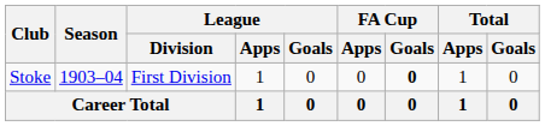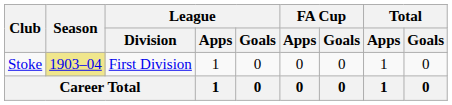 <table class="wikitable" style="text-align: center;">
 <tr>
 <th rowspan="2">Club</th>
 <th rowspan="2">Season</th>
 <th colspan="3">League</th>
 <th colspan="2">FA Cup</th>
 <th colspan="2">Total</th>
 </tr>
 <tr>
 <th>Division</th>
 <th>Apps</th>
 <th>Goals</th>
 <th>Apps</th>
 <th>Goals</th>
 <th>Apps</th>
 <th>Goals</th>
 </tr>
 <tr>
 <td><a href='#'>Stoke</a></td>
-<td><a href='#'>1903–04</a></td>
+<td style="background: khaki;"><a href='#'>1903–04</a></td>
 <td><a href='#'>First Division</a></td>
 <td>1</td>
 <td>0</td>
 <td>0</td>
-<td><strong>0</strong></td>
+<td>0</td>
 <td>1</td>
 <td>0</td>
 </tr>
 <tr>
 <th colspan="3">Career Total</th>
 <th>1</th>
 <th>0</th>
 <th>0</th>
 <th>0</th>
 <th>1</th>
 <th>0</th>
 </tr>
 </table>
